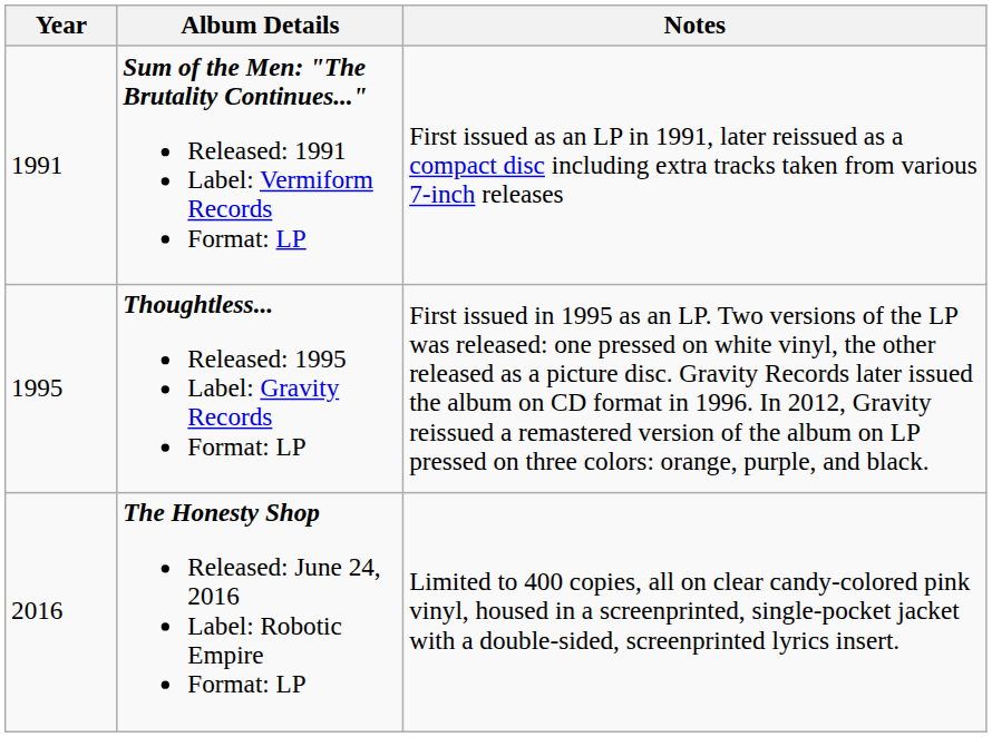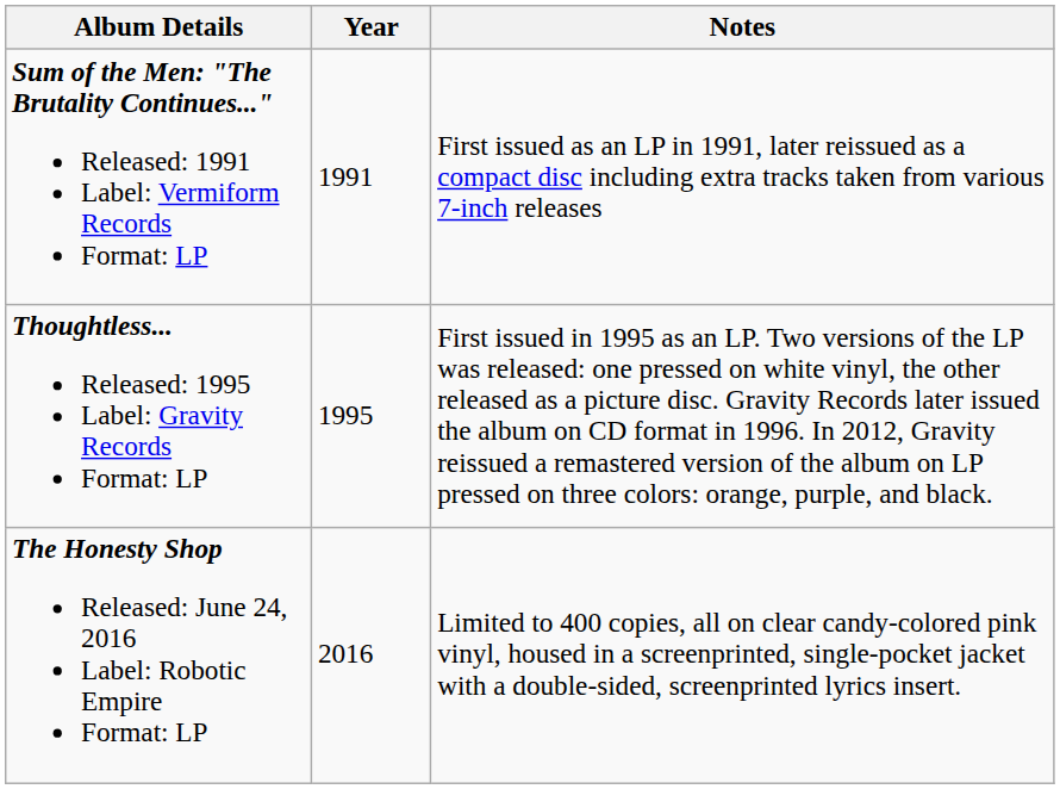 <table class ="wikitable">
 <tr>
+<th style="width:10%">Album Details</th>
 <th style="width: 5%">Year</th>
-<th style="width:10%">Album Details</th>
 <th style="width:30%">Notes</th>
 </tr>
 <tr>
+<td><strong><em>Sum of the Men: "The Brutality Continues..."</em></strong><br><ul><li>Released: 1991</li><li>Label: <a href='#'>Vermiform Records</a></li><li>Format: <a href='#'>LP</a></li></ul></td>
 <td>1991</td>
-<td><strong><em>Sum of the Men: "The Brutality Continues..."</em></strong><br><ul><li>Released: 1991</li><li>Label: <a href='#'>Vermiform Records</a></li><li>Format: <a href='#'>LP</a></li></ul></td>
 <td>First issued as an LP in 1991, later reissued as a <a href='#'>compact disc</a> including extra tracks taken from various <a href='#'>7-inch</a> releases</td>
 </tr>
 <tr>
+<td><strong><em>Thoughtless...</em></strong><br><ul><li>Released: 1995</li><li>Label: <a href='#'>Gravity Records</a></li><li>Format: LP</li></ul></td>
 <td>1995</td>
-<td><strong><em>Thoughtless...</em></strong><br><ul><li>Released: 1995</li><li>Label: <a href='#'>Gravity Records</a></li><li>Format: LP</li></ul></td>
 <td>First issued in 1995 as an LP. Two versions of the LP was released: one pressed on white vinyl, the other released as a picture disc. Gravity Records later issued the album on CD format in 1996. In 2012, Gravity reissued a remastered version of the album on LP pressed on three colors: orange, purple, and black.</td>
 </tr>
 <tr>
+<td><strong><em>The Honesty Shop</em></strong><br><ul><li>Released: June 24, 2016</li><li>Label: Robotic Empire</li><li>Format: LP</li></ul></td>
 <td>2016</td>
-<td><strong><em>The Honesty Shop</em></strong><br><ul><li>Released: June 24, 2016</li><li>Label: Robotic Empire</li><li>Format: LP</li></ul></td>
 <td>Limited to 400 copies, all on clear candy-colored pink vinyl, housed in a screenprinted, single-pocket jacket with a double-sided, screenprinted lyrics insert.</td>
 </tr>
 </table>
